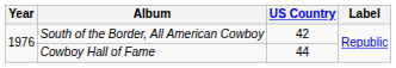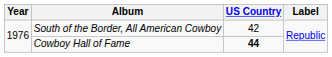 <table class="wikitable">
 <tr>
 <th>Year</th>
 <th>Album</th>
 <th><a href='#'>US Country</a></th>
 <th>Label</th>
 </tr>
 <tr>
 <td rowspan="2">1976</td>
 <td><em>South of the Border, All American Cowboy</em></td>
 <td align="center">42</td>
 <td rowspan="2"><a href='#'>Republic</a></td>
 </tr>
 <tr>
 <td><em>Cowboy Hall of Fame</em></td>
-<td align="center">44</td>
+<td align="center"><strong>44</strong></td>
 </tr>
 </table>
